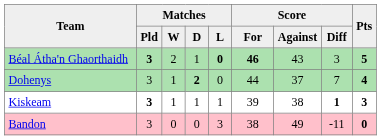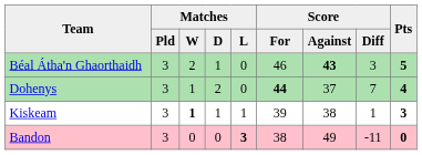 <table style=border-collapse:collapse border=1 cellspacing=0 cellpadding=5>
 <tr align=center bgcolor=#efefef>
 <th rowspan=2 width=165>Team</th>
 <th colspan=4>Matches</th>
 <th colspan=3>Score</th>
 <th rowspan=2width=20>Pts</th>
 </tr>
 <tr align=center bgcolor=#efefef>
 <th width=20>Pld</th>
 <th width=20>W</th>
 <th width=20>D</th>
 <th width=20>L</th>
 <th width=45>For</th>
 <th width=45>Against</th>
 <th width=30>Diff</th>
 </tr>
 <tr align=center style="background:#ACE1AF;">
 <td style="text-align:left;"><a href='#'>Béal Átha'n Ghaorthaidh</a></td>
-<td><strong>3</strong></td>
+<td>3</td>
 <td>2</td>
 <td>1</td>
-<td><strong>0</strong></td>
-<td><strong>46</strong></td>
-<td>43</td>
+<td>0</td>
+<td>46</td>
+<td><strong>43</strong></td>
 <td>3</td>
 <td><strong>5</strong></td>
 </tr>
 <tr align=center style="background:#ACE1AF;">
 <td style="text-align:left;"><a href='#'>Dohenys</a></td>
 <td>3</td>
 <td>1</td>
-<td><strong>2</strong></td>
+<td>2</td>
 <td>0</td>
-<td>44</td>
+<td><strong>44</strong></td>
 <td>37</td>
 <td>7</td>
 <td><strong>4</strong></td>
 </tr>
 <tr align=center>
 <td style="text-align:left;"><a href='#'>Kiskeam</a></td>
-<td><strong>3</strong></td>
-<td>1</td>
+<td>3</td>
+<td><strong>1</strong></td>
 <td>1</td>
 <td>1</td>
 <td>39</td>
 <td>38</td>
-<td><strong>1</strong></td>
+<td>1</td>
 <td><strong>3</strong></td>
 </tr>
 <tr align=center style="background:#FFC0CB;">
 <td style="text-align:left;"><a href='#'>Bandon</a></td>
 <td>3</td>
 <td>0</td>
 <td>0</td>
-<td>3</td>
+<td><strong>3</strong></td>
 <td>38</td>
 <td>49</td>
 <td>-11</td>
 <td><strong>0</strong></td>
 </tr>
 </table>
